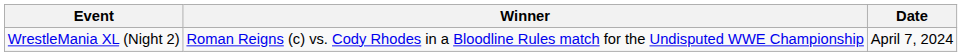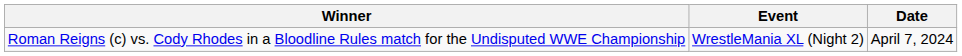 <table class="wikitable">
 <tr>
+<th>Winner</th>
 <th>Event</th>
-<th>Winner</th>
 <th>Date</th>
 </tr>
 <tr>
+<td><a href='#'>Roman Reigns</a> (c) vs. <a href='#'>Cody Rhodes</a> in a <a href='#'>Bloodline Rules match</a> for the <a href='#'>Undisputed WWE Championship</a></td>
 <td><a href='#'>WrestleMania XL</a> (Night 2)</td>
-<td><a href='#'>Roman Reigns</a> (c) vs. <a href='#'>Cody Rhodes</a> in a <a href='#'>Bloodline Rules match</a> for the <a href='#'>Undisputed WWE Championship</a></td>
 <td>April 7, 2024</td>
 </tr>
 </table>
